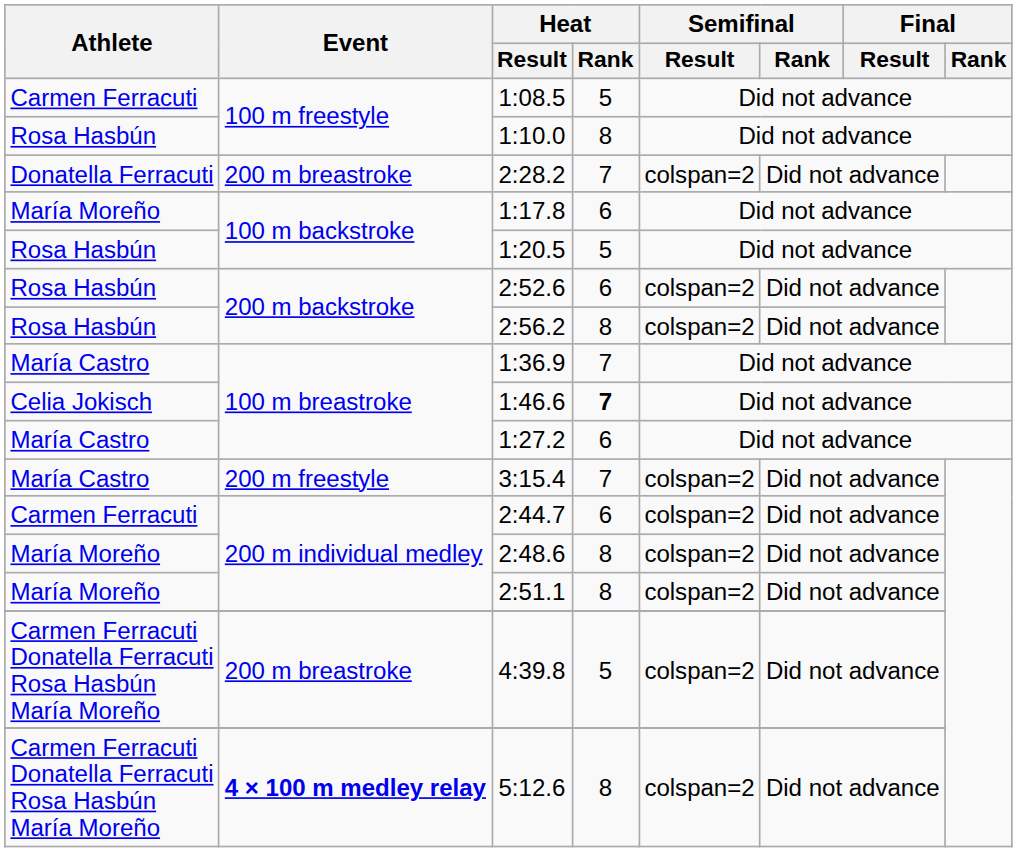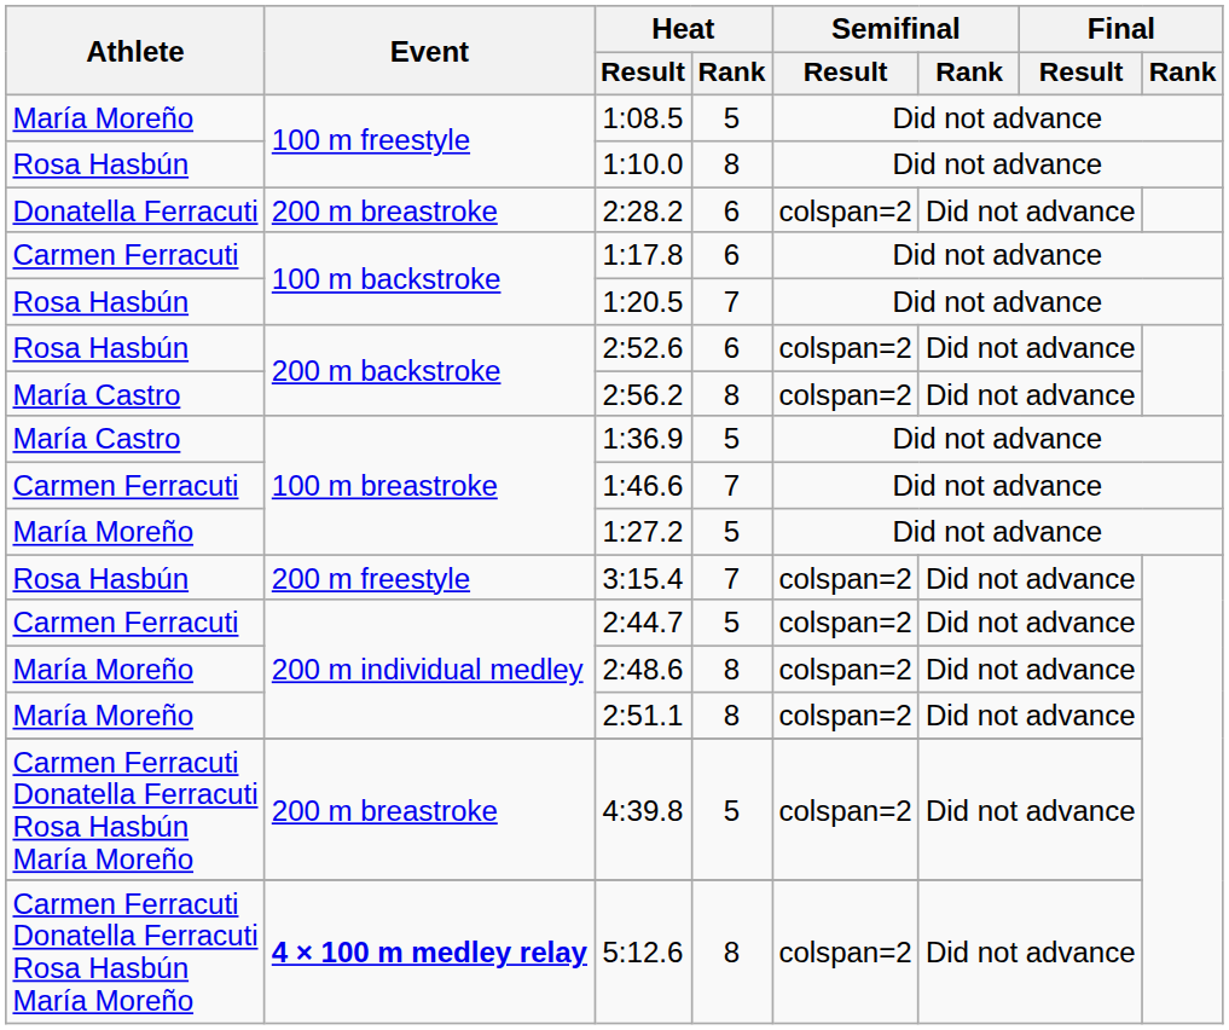 <table class="wikitable" style="font-size:90%; text-align: center">
 <tr>
 <th rowspan="2">Athlete</th>
 <th rowspan="2">Event</th>
 <th colspan="2">Heat</th>
 <th colspan="2">Semifinal</th>
 <th colspan="2">Final</th>
 </tr>
 <tr style="font-size:95%">
 <th>Result</th>
 <th>Rank</th>
 <th>Result</th>
 <th>Rank</th>
 <th>Result</th>
 <th>Rank</th>
 </tr>
 <tr>
-<td align=left><a href='#'>Carmen Ferracuti</a></td>
+<td align=left><a href='#'>María Moreño</a></td>
 <td align=left rowspan=2><a href='#'>100 m freestyle</a></td>
 <td>1:08.5</td>
 <td>5</td>
 <td colspan=4>Did not advance</td>
 </tr>
 <tr align=center>
 <td align=left><a href='#'>Rosa Hasbún</a></td>
 <td>1:10.0</td>
 <td>8</td>
 <td colspan=4>Did not advance</td>
 </tr>
 <tr>
 <td align=left><a href='#'>Donatella Ferracuti</a></td>
 <td align=left><a href='#'>200 m breastroke</a></td>
 <td>2:28.2</td>
-<td>7</td>
+<td>6</td>
 <td>colspan=2 </td>
 <td colspan=2>Did not advance</td>
 </tr>
 <tr>
-<td align=left><a href='#'>María Moreño</a></td>
+<td align=left><a href='#'>Carmen Ferracuti</a></td>
 <td align=left rowspan=2><a href='#'>100 m backstroke</a></td>
 <td>1:17.8</td>
 <td>6</td>
 <td colspan=4>Did not advance</td>
 </tr>
 <tr align=center>
 <td align=left><a href='#'>Rosa Hasbún</a></td>
 <td>1:20.5</td>
-<td>5</td>
+<td>7</td>
 <td colspan=4>Did not advance</td>
 </tr>
 <tr>
 <td align=left><a href='#'>Rosa Hasbún</a></td>
 <td align=left rowspan=2><a href='#'>200 m backstroke</a></td>
 <td>2:52.6</td>
 <td>6</td>
 <td>colspan=2 </td>
 <td colspan=2>Did not advance</td>
 </tr>
 <tr align=center>
-<td align=left><a href='#'>Rosa Hasbún</a></td>
+<td align=left><a href='#'>María Castro</a></td>
 <td>2:56.2</td>
 <td>8</td>
 <td>colspan=2 </td>
 <td colspan=2>Did not advance</td>
 </tr>
 <tr>
 <td align=left><a href='#'>María Castro</a></td>
 <td align=left rowspan=3><a href='#'>100 m breastroke</a></td>
 <td>1:36.9</td>
+<td>5</td>
+<td colspan=4>Did not advance</td>
+</tr>
+<tr align=center>
+<td align=left><a href='#'>Carmen Ferracuti</a></td>
+<td>1:46.6</td>
 <td>7</td>
 <td colspan=4>Did not advance</td>
 </tr>
 <tr align=center>
-<td align=left><a href='#'>Celia Jokisch</a></td>
-<td>1:46.6</td>
-<td><strong>7</strong></td>
-<td colspan=4>Did not advance</td>
-</tr>
-<tr align=center>
-<td align=left><a href='#'>María Castro</a></td>
+<td align=left><a href='#'>María Moreño</a></td>
 <td>1:27.2</td>
-<td>6</td>
+<td>5</td>
 <td colspan=4>Did not advance</td>
 </tr>
 <tr>
-<td align=left><a href='#'>María Castro</a></td>
+<td align=left><a href='#'>Rosa Hasbún</a></td>
 <td align=left><a href='#'>200 m freestyle</a></td>
 <td>3:15.4</td>
 <td>7</td>
 <td>colspan=2 </td>
 <td colspan=2>Did not advance</td>
 </tr>
 <tr>
 <td align=left><a href='#'>Carmen Ferracuti</a></td>
 <td align=left rowspan=3><a href='#'>200 m individual medley</a></td>
 <td>2:44.7</td>
-<td>6</td>
+<td>5</td>
 <td>colspan=2 </td>
 <td colspan=2>Did not advance</td>
 </tr>
 <tr align=center>
 <td align=left><a href='#'>María Moreño</a></td>
 <td>2:48.6</td>
 <td>8</td>
 <td>colspan=2 </td>
 <td colspan=2>Did not advance</td>
 </tr>
 <tr align=center>
 <td align=left><a href='#'>María Moreño</a></td>
 <td>2:51.1</td>
 <td>8</td>
 <td>colspan=2 </td>
 <td colspan=2>Did not advance</td>
 </tr>
 <tr>
 </tr>
 <tr align=center>
 <td align=left><a href='#'>Carmen Ferracuti</a><br><a href='#'>Donatella Ferracuti</a><br><a href='#'>Rosa Hasbún</a><br><a href='#'>María Moreño</a></td>
 <td align=left><a href='#'>200 m breastroke</a></td>
 <td>4:39.8</td>
 <td>5</td>
 <td>colspan=2 </td>
 <td colspan=2>Did not advance</td>
 </tr>
 <tr>
 </tr>
 <tr align=center>
 <td align=left><a href='#'>Carmen Ferracuti</a><br><a href='#'>Donatella Ferracuti</a><br><a href='#'>Rosa Hasbún</a><br><a href='#'>María Moreño</a></td>
 <td align=left><strong><a href='#'>4 × 100 m medley relay</a></strong></td>
 <td>5:12.6</td>
 <td>8</td>
 <td>colspan=2 </td>
 <td colspan=2>Did not advance</td>
 </tr>
 </table>
